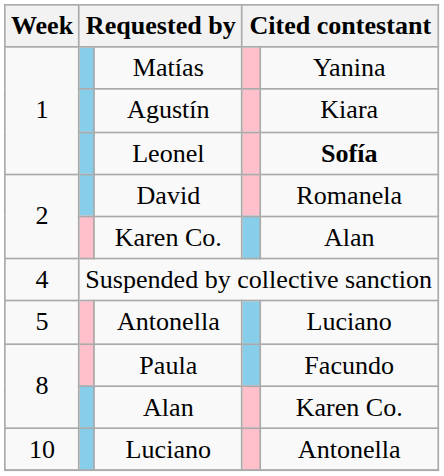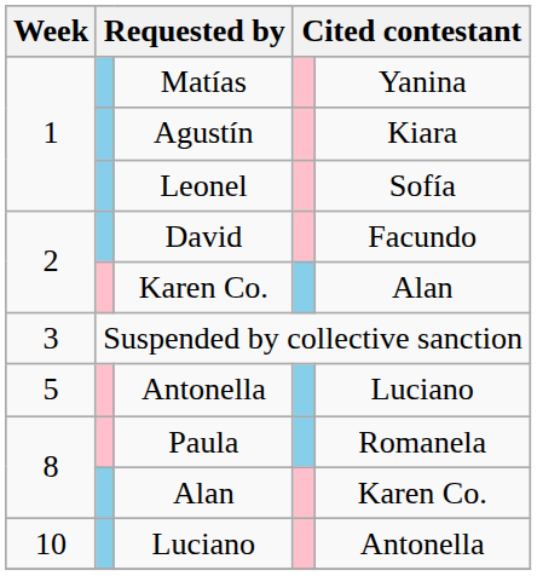 <table class="wikitable" style="font-size: 97%; text-align: center;">
 <tr>
 <th>Week</th>
 <th colspan=2>Requested by</th>
 <th colspan=2>Cited contestant</th>
 </tr>
 <tr>
 <td rowspan="3">1</td>
 <td style="background:Skyblue"></td>
 <td>Matías</td>
 <td style="background:pink"></td>
 <td>Yanina</td>
 </tr>
 <tr>
 <td style="background:Skyblue"></td>
 <td>Agustín</td>
 <td style="background:pink"></td>
 <td>Kiara</td>
 </tr>
 <tr>
 <td style="background:skyblue"></td>
 <td>Leonel</td>
 <td style="background:pink"></td>
-<td><strong>Sofía</strong></td>
+<td>Sofía</td>
 </tr>
 <tr>
 <td rowspan="2">2</td>
 <td style="background:Skyblue"></td>
 <td>David</td>
 <td style="background:pink"></td>
-<td>Romanela</td>
+<td>Facundo</td>
 </tr>
 <tr>
 <td style="background:pink"></td>
 <td>Karen Co.</td>
 <td style="background:Skyblue"></td>
 <td>Alan</td>
 </tr>
 <tr>
-<td>4</td>
+<td>3</td>
 <td colspan="4">Suspended by collective sanction</td>
 </tr>
 <tr>
 <td>5</td>
 <td style="background:pink"></td>
 <td>Antonella</td>
 <td style="background:Skyblue"></td>
 <td>Luciano</td>
 </tr>
 <tr>
 <td rowspan="2">8</td>
 <td style="background:pink"></td>
 <td>Paula</td>
 <td style="background:Skyblue"></td>
-<td>Facundo</td>
+<td>Romanela</td>
 </tr>
 <tr>
 <td style="background:Skyblue"></td>
 <td>Alan</td>
 <td style="background:pink"></td>
 <td>Karen Co.</td>
 </tr>
 <tr>
 <td>10</td>
 <td style="background:Skyblue"></td>
 <td>Luciano</td>
 <td style="background:pink"></td>
 <td>Antonella</td>
 </tr>
 <tr>
 </tr>
 </table>
